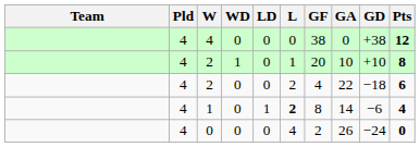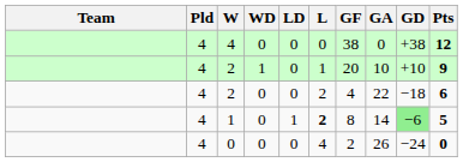 <table class="wikitable" style="text-align:center">
 <tr>
 <th width=175>Team</th>
 <th width=20>Pld</th>
 <th width=20>W</th>
 <th width=20>WD</th>
 <th width=20>LD</th>
 <th width=20>L</th>
 <th width=20>GF</th>
 <th width=20>GA</th>
 <th width=20>GD</th>
 <th width=20>Pts</th>
 </tr>
 <tr bgcolor=ccffcc>
 <td align=left></td>
 <td>4</td>
 <td>4</td>
 <td>0</td>
 <td>0</td>
 <td>0</td>
 <td>38</td>
 <td>0</td>
 <td>+38</td>
 <td><strong>12</strong></td>
 </tr>
 <tr bgcolor=ccffcc>
 <td align=left></td>
 <td>4</td>
 <td>2</td>
 <td>1</td>
 <td>0</td>
 <td>1</td>
 <td>20</td>
 <td>10</td>
 <td>+10</td>
-<td><strong>8</strong></td>
+<td><strong>9</strong></td>
 </tr>
 <tr>
 <td align=left></td>
 <td>4</td>
 <td>2</td>
 <td>0</td>
 <td>0</td>
 <td>2</td>
 <td>4</td>
 <td>22</td>
 <td>−18</td>
 <td><strong>6</strong></td>
 </tr>
 <tr>
 <td align=left></td>
 <td>4</td>
 <td>1</td>
 <td>0</td>
 <td>1</td>
 <td><strong>2</strong></td>
 <td>8</td>
 <td>14</td>
-<td>−6</td>
-<td><strong>4</strong></td>
+<td style="background: lightgreen;">−6</td>
+<td><strong>5</strong></td>
 </tr>
 <tr>
 <td align=left></td>
 <td>4</td>
 <td>0</td>
 <td>0</td>
 <td>0</td>
 <td>4</td>
 <td>2</td>
 <td>26</td>
 <td>−24</td>
 <td><strong>0</strong></td>
 </tr>
 </table>
